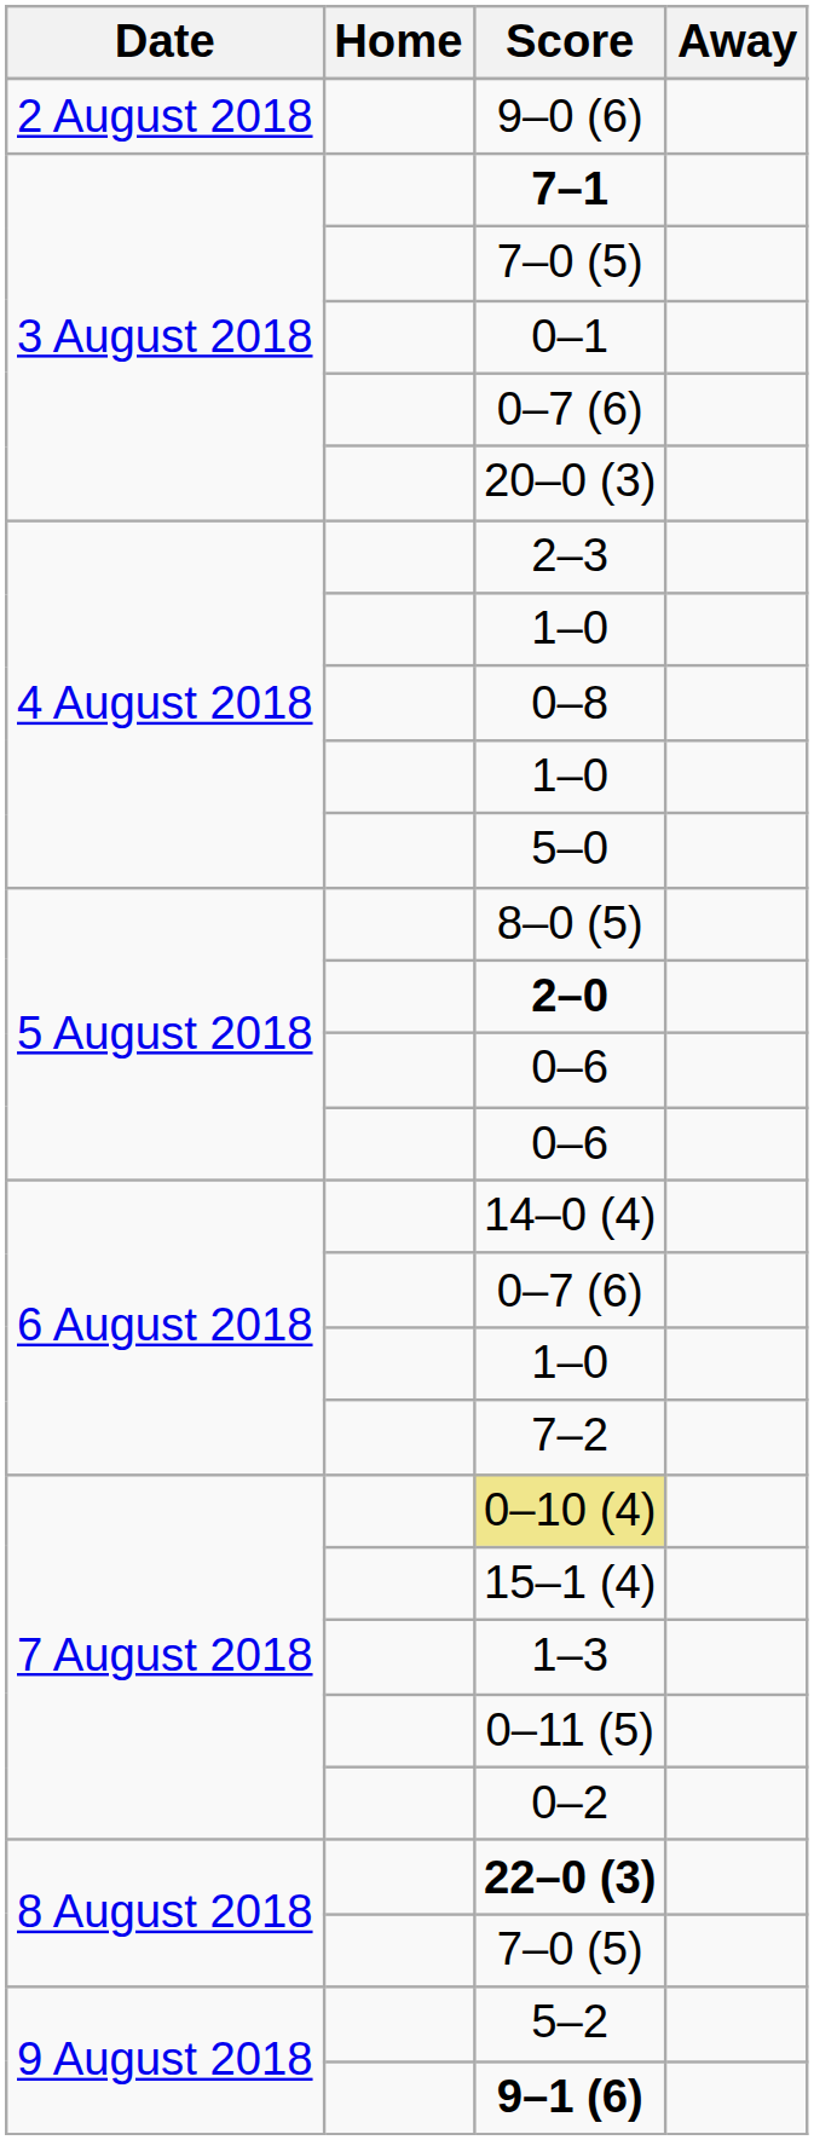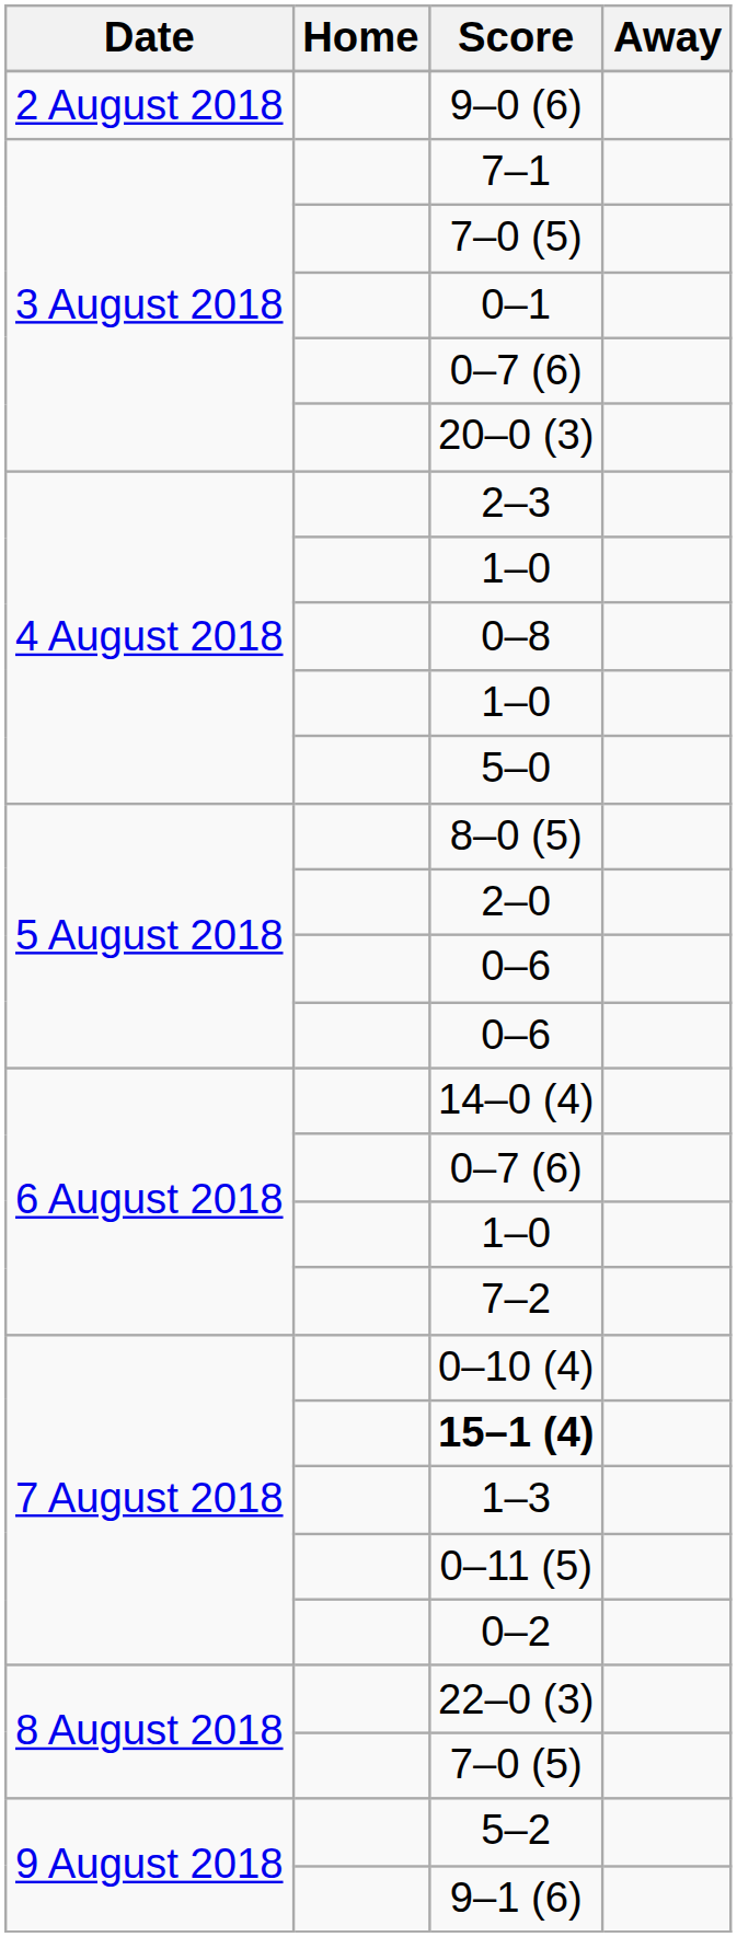 <table class="wikitable">
 <tr>
 <th>Date</th>
 <th>Home</th>
 <th>Score</th>
 <th>Away</th>
 </tr>
 <tr>
 </tr>
 <tr>
 <td rowspan=1><a href='#'>2 August 2018</a></td>
 <td><strong></strong></td>
 <td align=center>9–0 (6)</td>
 <td></td>
 </tr>
 <tr>
 <td rowspan=5><a href='#'>3 August 2018</a></td>
 <td><strong></strong></td>
-<td align=center><strong>7–1</strong></td>
+<td align=center>7–1</td>
 <td></td>
 </tr>
 <tr>
 <td><strong></strong></td>
 <td align=center>7–0 (5)</td>
 <td></td>
 </tr>
 <tr>
 <td></td>
 <td align=center>0–1</td>
 <td><strong></strong></td>
 </tr>
 <tr>
 <td></td>
 <td align=center>0–7 (6)</td>
 <td><strong></strong></td>
 </tr>
 <tr>
 <td><strong></strong></td>
 <td align=center>20–0 (3)</td>
 <td></td>
 </tr>
 <tr>
 <td rowspan=5><a href='#'>4 August 2018</a></td>
 <td></td>
 <td align=center>2–3</td>
 <td><strong></strong></td>
 </tr>
 <tr>
 <td><strong></strong></td>
 <td align=center>1–0</td>
 <td></td>
 </tr>
 <tr>
 <td></td>
 <td align=center>0–8</td>
 <td><strong></strong></td>
 </tr>
 <tr>
 <td><strong></strong></td>
 <td align=center>1–0</td>
 <td></td>
 </tr>
 <tr>
 <td><strong></strong></td>
 <td align=center>5–0</td>
 <td></td>
 </tr>
 <tr>
 <td rowspan=4><a href='#'>5 August 2018</a></td>
 <td><strong></strong></td>
 <td align=center>8–0 (5)</td>
 <td></td>
 </tr>
 <tr>
 <td><strong></strong></td>
-<td align=center><strong>2–0</strong></td>
+<td align=center>2–0</td>
 <td></td>
 </tr>
 <tr>
 <td></td>
 <td align=center>0–6</td>
 <td><strong></strong></td>
 </tr>
 <tr>
 <td></td>
 <td align=center>0–6</td>
 <td><strong></strong></td>
 </tr>
 <tr>
 <td rowspan=4><a href='#'>6 August 2018</a></td>
 <td><strong></strong></td>
 <td align=center>14–0 (4)</td>
 <td></td>
 </tr>
 <tr>
 <td></td>
 <td align=center>0–7 (6)</td>
 <td><strong></strong></td>
 </tr>
 <tr>
 <td><strong></strong></td>
 <td align=center>1–0</td>
 <td></td>
 </tr>
 <tr>
 <td><strong></strong></td>
 <td align=center>7–2</td>
 <td></td>
 </tr>
 <tr>
 <td rowspan=5><a href='#'>7 August 2018</a></td>
 <td></td>
-<td align=center style="background: khaki;">0–10 (4)</td>
+<td align=center>0–10 (4)</td>
 <td><strong></strong></td>
 </tr>
 <tr>
 <td><strong></strong></td>
-<td align=center>15–1 (4)</td>
+<td align=center><strong>15–1 (4)</strong></td>
 <td></td>
 </tr>
 <tr>
 <td></td>
 <td align=center>1–3</td>
 <td><strong></strong></td>
 </tr>
 <tr>
 <td></td>
 <td align=center>0–11 (5)</td>
 <td><strong></strong></td>
 </tr>
 <tr>
 <td></td>
 <td align=center>0–2</td>
 <td><strong></strong></td>
 </tr>
 <tr>
 <td rowspan=2><a href='#'>8 August 2018</a></td>
 <td><strong></strong></td>
-<td align=center><strong>22–0 (3)</strong></td>
+<td align=center>22–0 (3)</td>
 <td></td>
 </tr>
 <tr>
 <td><strong></strong></td>
 <td align=center>7–0 (5)</td>
 <td></td>
 </tr>
 <tr>
 <td rowspan=2><a href='#'>9 August 2018</a></td>
 <td><strong></strong></td>
 <td align=center>5–2</td>
 <td></td>
 </tr>
 <tr>
 <td><strong></strong></td>
-<td align=center><strong>9–1 (6)</strong></td>
+<td align=center>9–1 (6)</td>
 <td></td>
 </tr>
 </table>
